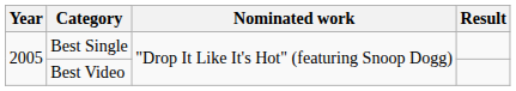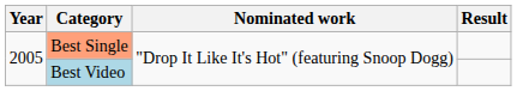 <table class="wikitable">
 <tr>
 <th>Year</th>
 <th>Category</th>
 <th>Nominated work</th>
 <th>Result</th>
 </tr>
 <tr>
 <td rowspan=2>2005</td>
-<td>Best Single</td>
+<td style="background: lightsalmon;">Best Single</td>
 <td rowspan=2>"Drop It Like It's Hot" (featuring Snoop Dogg)</td>
 <td></td>
 </tr>
 <tr>
-<td>Best Video</td>
+<td style="background: lightblue;">Best Video</td>
 <td></td>
 </tr>
 </table>
